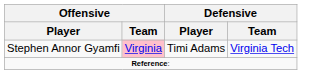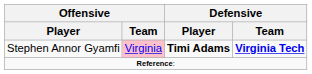 <table class="wikitable" style="text-align: center;">
 <tr>
 <th colspan="2">Offensive</th>
 <th colspan="2">Defensive</th>
 </tr>
 <tr>
 <th>Player</th>
 <th>Team</th>
 <th>Player</th>
 <th>Team</th>
 </tr>
 <tr>
 <td>Stephen Annor Gyamfi</td>
 <td style="background: pink;"><a href='#'>Virginia</a></td>
-<td>Timi Adams</td>
-<td><a href='#'>Virginia Tech</a></td>
+<td><strong>Timi Adams</strong></td>
+<td><strong><a href='#'>Virginia Tech</a></strong></td>
 </tr>
 <tr>
 <td colspan="4"  style="font-size:8pt; text-align:center;"><strong>Reference</strong>:</td>
 </tr>
 </table>
